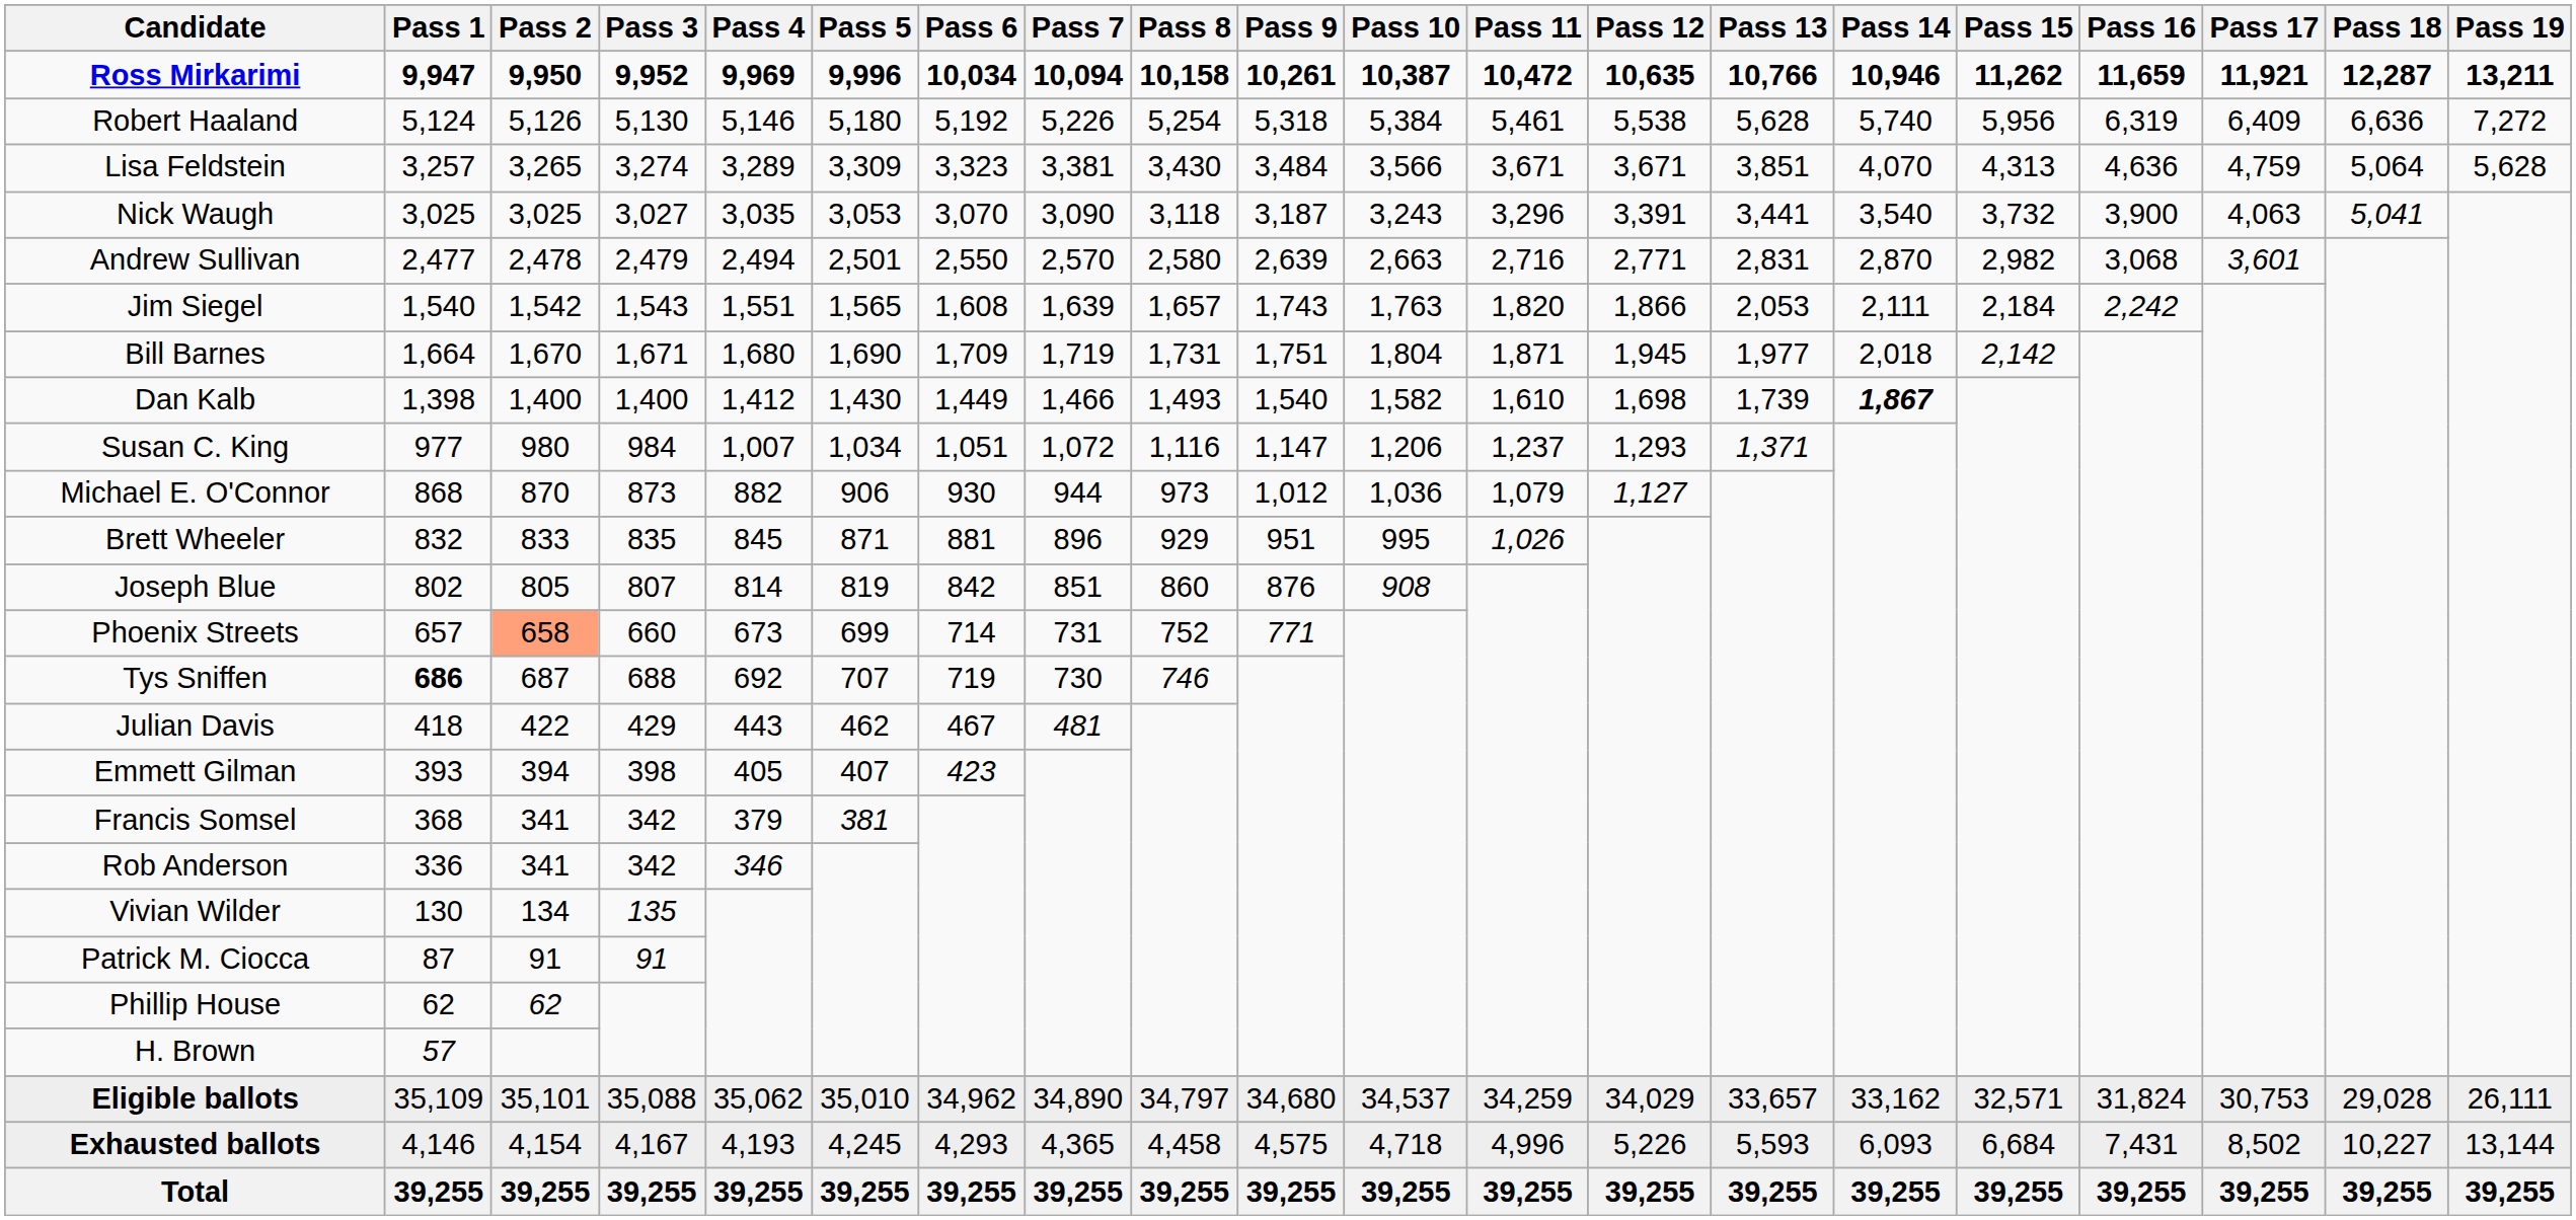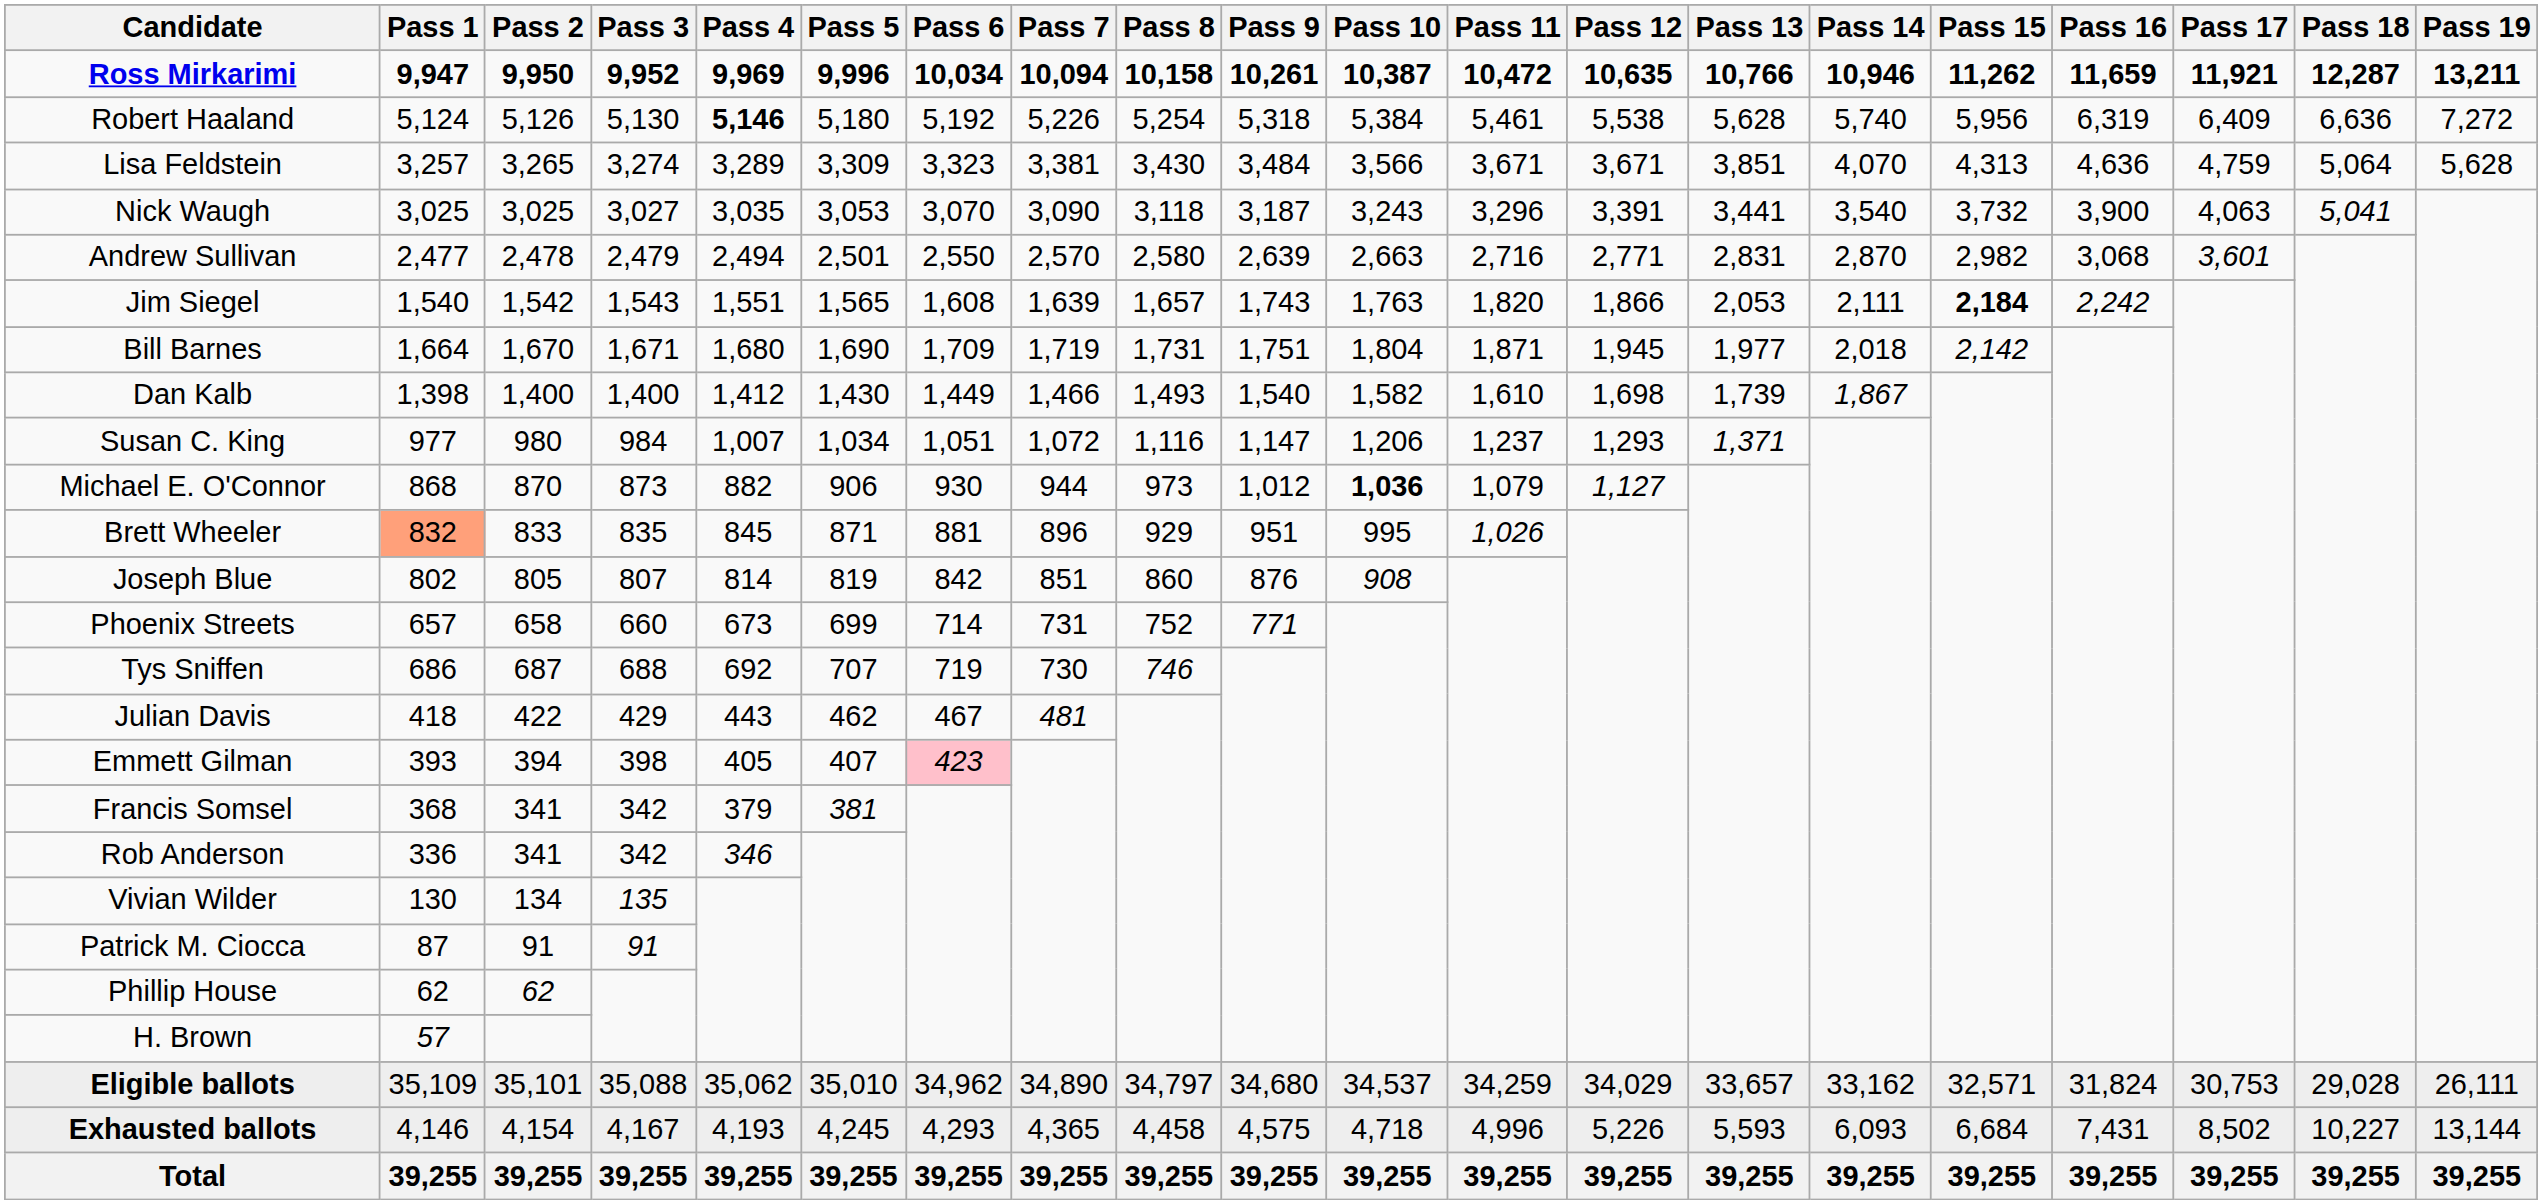 <table class="wikitable" style="text-align: center;">
 <tr>
 <th width="200">Candidate</th>
 <th>Pass 1</th>
 <th>Pass 2</th>
 <th>Pass 3</th>
 <th>Pass 4</th>
 <th>Pass 5</th>
 <th>Pass 6</th>
 <th>Pass 7</th>
 <th>Pass 8</th>
 <th>Pass 9</th>
 <th>Pass 10</th>
 <th>Pass 11</th>
 <th>Pass 12</th>
 <th>Pass 13</th>
 <th>Pass 14</th>
 <th>Pass 15</th>
 <th>Pass 16</th>
 <th>Pass 17</th>
 <th>Pass 18</th>
 <th>Pass 19</th>
 </tr>
 <tr>
 <td><strong><a href='#'>Ross Mirkarimi</a></strong></td>
 <td><strong>9,947</strong></td>
 <td><strong>9,950</strong></td>
 <td><strong>9,952</strong></td>
 <td><strong>9,969</strong></td>
 <td><strong>9,996</strong></td>
 <td><strong>10,034</strong></td>
 <td><strong>10,094</strong></td>
 <td><strong>10,158</strong></td>
 <td><strong>10,261</strong></td>
 <td><strong>10,387</strong></td>
 <td><strong>10,472</strong></td>
 <td><strong>10,635</strong></td>
 <td><strong>10,766</strong></td>
 <td><strong>10,946</strong></td>
 <td><strong>11,262</strong></td>
 <td><strong>11,659</strong></td>
 <td><strong>11,921</strong></td>
 <td><strong>12,287</strong></td>
 <td><strong>13,211</strong></td>
 </tr>
 <tr>
 <td>Robert Haaland</td>
 <td>5,124</td>
 <td>5,126</td>
 <td>5,130</td>
-<td>5,146</td>
+<td><strong>5,146</strong></td>
 <td>5,180</td>
 <td>5,192</td>
 <td>5,226</td>
 <td>5,254</td>
 <td>5,318</td>
 <td>5,384</td>
 <td>5,461</td>
 <td>5,538</td>
 <td>5,628</td>
 <td>5,740</td>
 <td>5,956</td>
 <td>6,319</td>
 <td>6,409</td>
 <td>6,636</td>
 <td>7,272</td>
 </tr>
 <tr>
 <td>Lisa Feldstein</td>
 <td>3,257</td>
 <td>3,265</td>
 <td>3,274</td>
 <td>3,289</td>
 <td>3,309</td>
 <td>3,323</td>
 <td>3,381</td>
 <td>3,430</td>
 <td>3,484</td>
 <td>3,566</td>
 <td>3,671</td>
 <td>3,671</td>
 <td>3,851</td>
 <td>4,070</td>
 <td>4,313</td>
 <td>4,636</td>
 <td>4,759</td>
 <td>5,064</td>
 <td>5,628</td>
 </tr>
 <tr>
 <td>Nick Waugh</td>
 <td>3,025</td>
 <td>3,025</td>
 <td>3,027</td>
 <td>3,035</td>
 <td>3,053</td>
 <td>3,070</td>
 <td>3,090</td>
 <td>3,118</td>
 <td>3,187</td>
 <td>3,243</td>
 <td>3,296</td>
 <td>3,391</td>
 <td>3,441</td>
 <td>3,540</td>
 <td>3,732</td>
 <td>3,900</td>
 <td>4,063</td>
 <td><em>5,041</em></td>
 <td rowspan="19"></td>
 </tr>
 <tr>
 <td>Andrew Sullivan</td>
 <td>2,477</td>
 <td>2,478</td>
 <td>2,479</td>
 <td>2,494</td>
 <td>2,501</td>
 <td>2,550</td>
 <td>2,570</td>
 <td>2,580</td>
 <td>2,639</td>
 <td>2,663</td>
 <td>2,716</td>
 <td>2,771</td>
 <td>2,831</td>
 <td>2,870</td>
 <td>2,982</td>
 <td>3,068</td>
 <td><em>3,601</em></td>
 <td rowspan="18"></td>
 </tr>
 <tr>
 <td>Jim Siegel</td>
 <td>1,540</td>
 <td>1,542</td>
 <td>1,543</td>
 <td>1,551</td>
 <td>1,565</td>
 <td>1,608</td>
 <td>1,639</td>
 <td>1,657</td>
 <td>1,743</td>
 <td>1,763</td>
 <td>1,820</td>
 <td>1,866</td>
 <td>2,053</td>
 <td>2,111</td>
-<td>2,184</td>
+<td><strong>2,184</strong></td>
 <td><em>2,242</em></td>
 <td rowspan="17"></td>
 </tr>
 <tr>
 <td>Bill Barnes</td>
 <td>1,664</td>
 <td>1,670</td>
 <td>1,671</td>
 <td>1,680</td>
 <td>1,690</td>
 <td>1,709</td>
 <td>1,719</td>
 <td>1,731</td>
 <td>1,751</td>
 <td>1,804</td>
 <td>1,871</td>
 <td>1,945</td>
 <td>1,977</td>
 <td>2,018</td>
 <td><em>2,142</em></td>
 <td rowspan="16"></td>
 </tr>
 <tr>
 <td>Dan Kalb</td>
 <td>1,398</td>
 <td>1,400</td>
 <td>1,400</td>
 <td>1,412</td>
 <td>1,430</td>
 <td>1,449</td>
 <td>1,466</td>
 <td>1,493</td>
 <td>1,540</td>
 <td>1,582</td>
 <td>1,610</td>
 <td>1,698</td>
 <td>1,739</td>
-<td><strong><em>1,867</em></strong></td>
+<td><em>1,867</em></td>
 <td rowspan="15"></td>
 </tr>
 <tr>
 <td>Susan C. King</td>
 <td>977</td>
 <td>980</td>
 <td>984</td>
 <td>1,007</td>
 <td>1,034</td>
 <td>1,051</td>
 <td>1,072</td>
 <td>1,116</td>
 <td>1,147</td>
 <td>1,206</td>
 <td>1,237</td>
 <td>1,293</td>
 <td><em>1,371</em></td>
 <td rowspan="14"></td>
 </tr>
 <tr>
 <td>Michael E. O'Connor</td>
 <td>868</td>
 <td>870</td>
 <td>873</td>
 <td>882</td>
 <td>906</td>
 <td>930</td>
 <td>944</td>
 <td>973</td>
 <td>1,012</td>
-<td>1,036</td>
+<td><strong>1,036</strong></td>
 <td>1,079</td>
 <td><em>1,127</em></td>
 <td rowspan="13"></td>
 </tr>
 <tr>
 <td>Brett Wheeler</td>
-<td>832</td>
+<td style="background: lightsalmon;">832</td>
 <td>833</td>
 <td>835</td>
 <td>845</td>
 <td>871</td>
 <td>881</td>
 <td>896</td>
 <td>929</td>
 <td>951</td>
 <td>995</td>
 <td><em>1,026</em></td>
 <td rowspan="12"></td>
 </tr>
 <tr>
 <td>Joseph Blue</td>
 <td>802</td>
 <td>805</td>
 <td>807</td>
 <td>814</td>
 <td>819</td>
 <td>842</td>
 <td>851</td>
 <td>860</td>
 <td>876</td>
 <td><em>908</em></td>
 <td rowspan="11"></td>
 </tr>
 <tr>
 <td>Phoenix Streets</td>
 <td>657</td>
-<td style="background: lightsalmon;">658</td>
+<td>658</td>
 <td>660</td>
 <td>673</td>
 <td>699</td>
 <td>714</td>
 <td>731</td>
 <td>752</td>
 <td><em>771</em></td>
 <td rowspan="10"></td>
 </tr>
 <tr>
 <td>Tys Sniffen</td>
-<td><strong>686</strong></td>
+<td>686</td>
 <td>687</td>
 <td>688</td>
 <td>692</td>
 <td>707</td>
 <td>719</td>
 <td>730</td>
 <td><em>746</em></td>
 <td rowspan="9"></td>
 </tr>
 <tr>
 <td>Julian Davis</td>
 <td>418</td>
 <td>422</td>
 <td>429</td>
 <td>443</td>
 <td>462</td>
 <td>467</td>
 <td><em>481</em></td>
 <td rowspan="8"></td>
 </tr>
 <tr>
 <td>Emmett Gilman</td>
 <td>393</td>
 <td>394</td>
 <td>398</td>
 <td>405</td>
 <td>407</td>
-<td><em>423</em></td>
+<td style="background: pink;"><em>423</em></td>
 <td rowspan="7"></td>
 </tr>
 <tr>
 <td>Francis Somsel</td>
 <td>368</td>
 <td>341</td>
 <td>342</td>
 <td>379</td>
 <td><em>381</em></td>
 <td rowspan="6"></td>
 </tr>
 <tr>
 <td>Rob Anderson</td>
 <td>336</td>
 <td>341</td>
 <td>342</td>
 <td><em>346</em></td>
 <td rowspan="5"></td>
 </tr>
 <tr>
 <td>Vivian Wilder</td>
 <td>130</td>
 <td>134</td>
 <td><em>135</em></td>
 <td rowspan="4"></td>
 </tr>
 <tr>
 <td>Patrick M. Ciocca</td>
 <td>87</td>
 <td>91</td>
 <td><em>91</em></td>
 </tr>
 <tr>
 <td>Phillip House</td>
 <td>62</td>
 <td><em>62</em></td>
 <td rowspan="2"></td>
 </tr>
 <tr>
 <td>H. Brown</td>
 <td><em>57</em></td>
 <td></td>
 </tr>
 <tr bgcolor="#EEEEEE">
 <td><strong>Eligible ballots</strong></td>
 <td>35,109</td>
 <td>35,101</td>
 <td>35,088</td>
 <td>35,062</td>
 <td>35,010</td>
 <td>34,962</td>
 <td>34,890</td>
 <td>34,797</td>
 <td>34,680</td>
 <td>34,537</td>
 <td>34,259</td>
 <td>34,029</td>
 <td>33,657</td>
 <td>33,162</td>
 <td>32,571</td>
 <td>31,824</td>
 <td>30,753</td>
 <td>29,028</td>
 <td>26,111</td>
 </tr>
 <tr bgcolor="#EEEEEE">
 <td><strong>Exhausted ballots</strong></td>
 <td>4,146</td>
 <td>4,154</td>
 <td>4,167</td>
 <td>4,193</td>
 <td>4,245</td>
 <td>4,293</td>
 <td>4,365</td>
 <td>4,458</td>
 <td>4,575</td>
 <td>4,718</td>
 <td>4,996</td>
 <td>5,226</td>
 <td>5,593</td>
 <td>6,093</td>
 <td>6,684</td>
 <td>7,431</td>
 <td>8,502</td>
 <td>10,227</td>
 <td>13,144</td>
 </tr>
 <tr>
 <th scope="row">Total</th>
 <th>39,255</th>
 <th>39,255</th>
 <th>39,255</th>
 <th>39,255</th>
 <th>39,255</th>
 <th>39,255</th>
 <th>39,255</th>
 <th>39,255</th>
 <th>39,255</th>
 <th>39,255</th>
 <th>39,255</th>
 <th>39,255</th>
 <th>39,255</th>
 <th>39,255</th>
 <th>39,255</th>
 <th>39,255</th>
 <th>39,255</th>
 <th>39,255</th>
 <th>39,255</th>
 </tr>
 </table>
